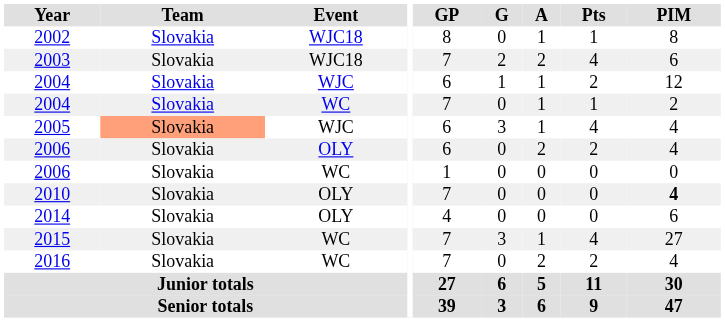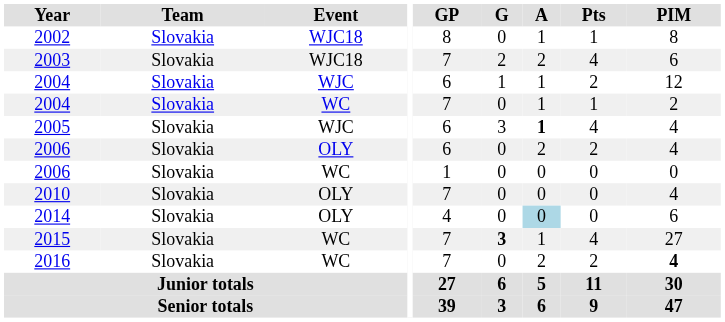 <table border="0" cellpadding="1" cellspacing="0" ID="Table3" style="text-align:center; width:40em">
 <tr bgcolor="#e0e0e0">
 <th>Year</th>
 <th>Team</th>
 <th>Event</th>
 <th rowspan="102" bgcolor="#ffffff"></th>
 <th>GP</th>
 <th>G</th>
 <th>A</th>
 <th>Pts</th>
 <th>PIM</th>
 </tr>
 <tr>
 <td><a href='#'>2002</a></td>
 <td><a href='#'>Slovakia</a></td>
 <td><a href='#'>WJC18</a></td>
 <td>8</td>
 <td>0</td>
 <td>1</td>
 <td>1</td>
 <td>8</td>
 </tr>
 <tr bgcolor="#f0f0f0">
 <td><a href='#'>2003</a></td>
 <td>Slovakia</td>
 <td>WJC18</td>
 <td>7</td>
 <td>2</td>
 <td>2</td>
 <td>4</td>
 <td>6</td>
 </tr>
 <tr>
 <td><a href='#'>2004</a></td>
 <td><a href='#'>Slovakia</a></td>
 <td><a href='#'>WJC</a></td>
 <td>6</td>
 <td>1</td>
 <td>1</td>
 <td>2</td>
 <td>12</td>
 </tr>
 <tr bgcolor="#f0f0f0">
 <td><a href='#'>2004</a></td>
 <td><a href='#'>Slovakia</a></td>
 <td><a href='#'>WC</a></td>
 <td>7</td>
 <td>0</td>
 <td>1</td>
 <td>1</td>
 <td>2</td>
 </tr>
 <tr>
 <td><a href='#'>2005</a></td>
-<td style="background: lightsalmon;">Slovakia</td>
+<td>Slovakia</td>
 <td>WJC</td>
 <td>6</td>
 <td>3</td>
-<td>1</td>
+<td><strong>1</strong></td>
 <td>4</td>
 <td>4</td>
 </tr>
 <tr bgcolor="#f0f0f0">
 <td><a href='#'>2006</a></td>
 <td>Slovakia</td>
 <td><a href='#'>OLY</a></td>
 <td>6</td>
 <td>0</td>
 <td>2</td>
 <td>2</td>
 <td>4</td>
 </tr>
 <tr>
 <td><a href='#'>2006</a></td>
 <td>Slovakia</td>
 <td>WC</td>
 <td>1</td>
 <td>0</td>
 <td>0</td>
 <td>0</td>
 <td>0</td>
 </tr>
 <tr bgcolor="#f0f0f0">
 <td><a href='#'>2010</a></td>
 <td>Slovakia</td>
 <td>OLY</td>
 <td>7</td>
 <td>0</td>
 <td>0</td>
 <td>0</td>
-<td><strong>4</strong></td>
+<td>4</td>
 </tr>
 <tr>
 <td><a href='#'>2014</a></td>
 <td>Slovakia</td>
 <td>OLY</td>
 <td>4</td>
 <td>0</td>
-<td>0</td>
+<td style="background: lightblue;">0</td>
 <td>0</td>
 <td>6</td>
 </tr>
 <tr bgcolor="#f0f0f0">
 <td><a href='#'>2015</a></td>
 <td>Slovakia</td>
 <td>WC</td>
 <td>7</td>
-<td>3</td>
+<td><strong>3</strong></td>
 <td>1</td>
 <td>4</td>
 <td>27</td>
 </tr>
 <tr>
 <td><a href='#'>2016</a></td>
 <td>Slovakia</td>
 <td>WC</td>
 <td>7</td>
 <td>0</td>
 <td>2</td>
 <td>2</td>
-<td>4</td>
+<td><strong>4</strong></td>
 </tr>
 <tr bgcolor="#e0e0e0">
 <th colspan="3">Junior totals</th>
 <th>27</th>
 <th>6</th>
 <th>5</th>
 <th>11</th>
 <th>30</th>
 </tr>
 <tr bgcolor="#e0e0e0">
 <th colspan="3">Senior totals</th>
 <th>39</th>
 <th>3</th>
 <th>6</th>
 <th>9</th>
 <th>47</th>
 </tr>
 </table>
